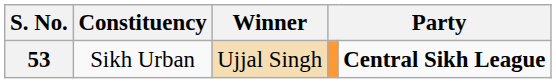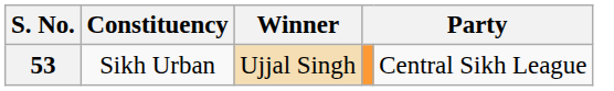 <table class="wikitable" style="text-align:center">
 <tr>
 <th>S. No.</th>
 <th>Constituency</th>
 <th>Winner</th>
 <th colspan=2>Party</th>
 </tr>
 <tr>
 <th>53</th>
 <td>Sikh Urban</td>
 <td bgcolor=wheat>Ujjal Singh</td>
 <td bgcolor=#FF9933></td>
-<td><strong>Central Sikh League</strong></td>
+<td>Central Sikh League</td>
 </tr>
 </table>
